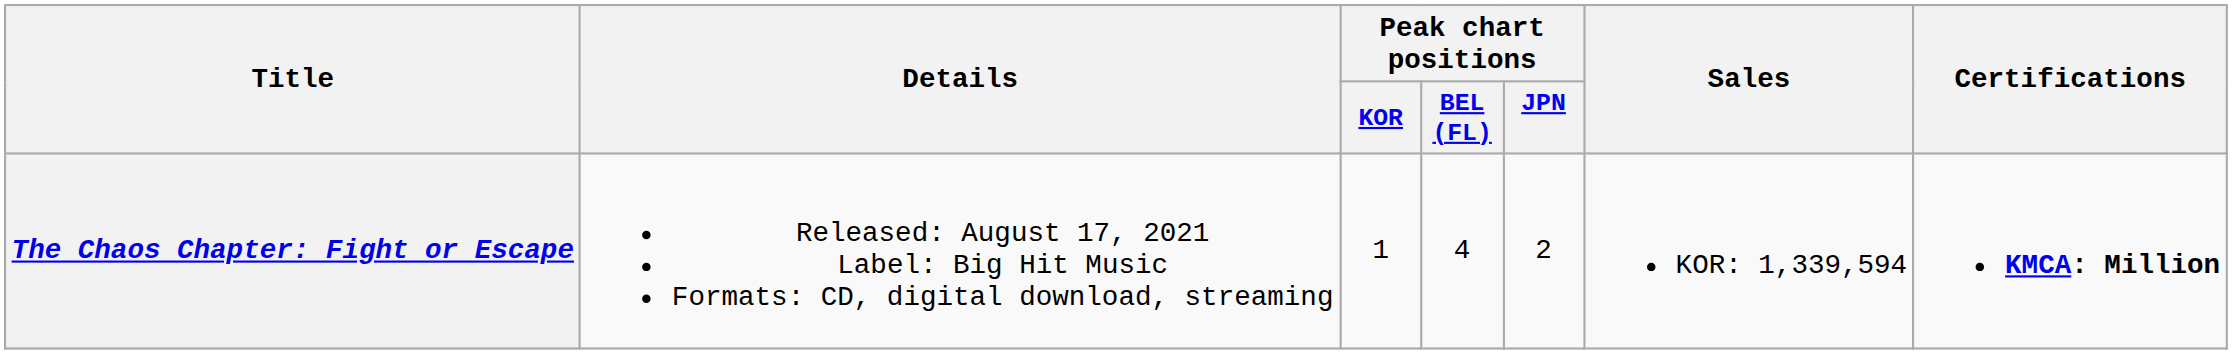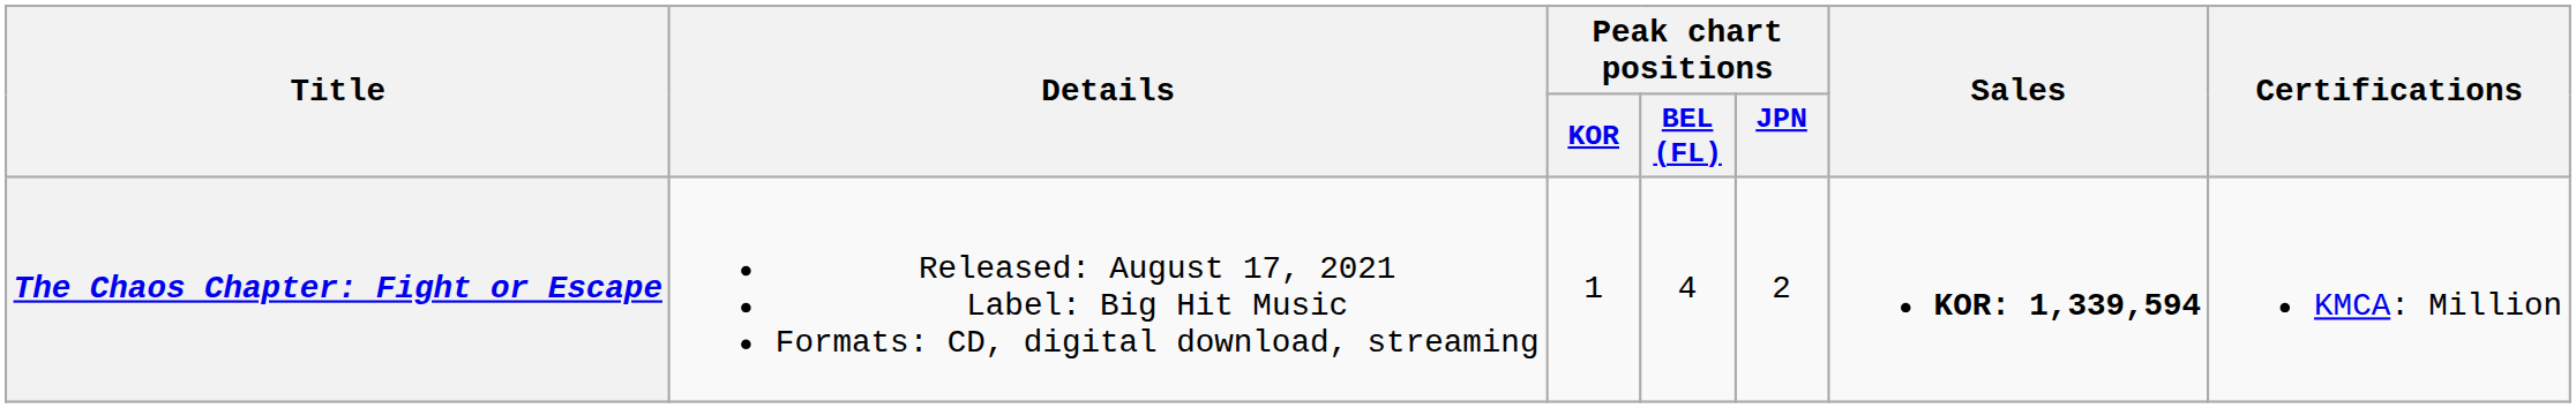 <table class="wikitable plainrowheaders" style="text-align:center">
 <tr>
 <th scope="col" rowspan="2">Title</th>
 <th scope="col" rowspan="2">Details</th>
 <th scope="col" colspan="3">Peak chart positions </th>
 <th scope="col" rowspan="2">Sales</th>
 <th rowspan="2">Certifications</th>
 </tr>
 <tr>
 <th scope="col" style="width:2.8em;font-size:90%"><a href='#'>KOR</a><br></th>
 <th scope="col" style="width:2.8em;font-size:90%"><a href='#'>BEL<br>(FL)</a><br></th>
 <th scope="col" style="width:2.8em;font-size:90%"><a href='#'>JPN</a><br><br></th>
 </tr>
 <tr>
 <th scope="row"><em><a href='#'>The Chaos Chapter: Fight or Escape</a></em></th>
 <td><br><ul><li>Released: August 17, 2021</li><li>Label: Big Hit Music </li><li>Formats: CD, digital download, streaming</li></ul></td>
 <td>1</td>
 <td>4</td>
 <td>2</td>
-<td><br><ul><li>KOR: 1,339,594</li></ul></td>
-<td><strong><br><ul><li><a href='#'>KMCA</a>: Million</li></ul></strong></td>
+<td><strong><br><ul><li>KOR: 1,339,594</li></ul></strong></td>
+<td><br><ul><li><a href='#'>KMCA</a>: Million</li></ul></td>
 </tr>
 </table>
